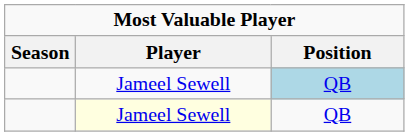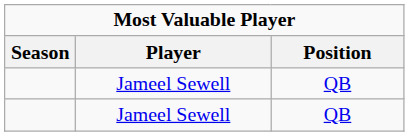 <table class="wikitable sortable" style="text-align:center">
 <tr>
 <td colspan="4"><strong>Most Valuable Player</strong></td>
 </tr>
 <tr>
 <th style="width:50px; ">Season</th>
 <th style="width:150px; ">Player</th>
 <th style="width:100px; ">Position</th>
 </tr>
 <tr>
 <td></td>
 <td><a href='#'>Jameel Sewell</a></td>
-<td style="background: lightblue;"><a href='#'>QB</a></td>
+<td><a href='#'>QB</a></td>
 </tr>
 <tr>
 <td></td>
-<td style="background: lightyellow;"><a href='#'>Jameel Sewell</a></td>
+<td><a href='#'>Jameel Sewell</a></td>
 <td><a href='#'>QB</a></td>
 </tr>
 </table>
